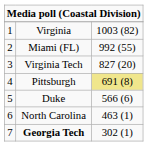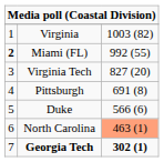 <table class="wikitable" style="display: inline-table;">
 <tr>
 <td align="center" Colspan="3"><strong>Media poll (Coastal Division)</strong></td>
 </tr>
 <tr align="center">
 </tr>
 <tr align="center">
 <td>1</td>
 <td>Virginia</td>
 <td>1003 (82)</td>
 </tr>
 <tr align="center">
-<td>2</td>
+<td><strong>2</strong></td>
 <td>Miami (FL)</td>
 <td>992 (55)</td>
 </tr>
 <tr align="center">
 <td>3</td>
 <td>Virginia Tech</td>
 <td>827 (20)</td>
 </tr>
 <tr align="center">
 <td>4</td>
 <td>Pittsburgh</td>
-<td style="background: khaki;">691 (8)</td>
+<td>691 (8)</td>
 </tr>
 <tr align="center">
 <td>5</td>
 <td>Duke</td>
 <td>566 (6)</td>
 </tr>
 <tr align="center">
 <td>6</td>
 <td>North Carolina</td>
-<td>463 (1)</td>
+<td style="background: lightsalmon;">463 (1)</td>
 </tr>
 <tr align="center">
 <td>7</td>
 <td><strong>Georgia Tech</strong></td>
-<td>302 (1)</td>
+<td><strong>302 (1)</strong></td>
 </tr>
 </table>
